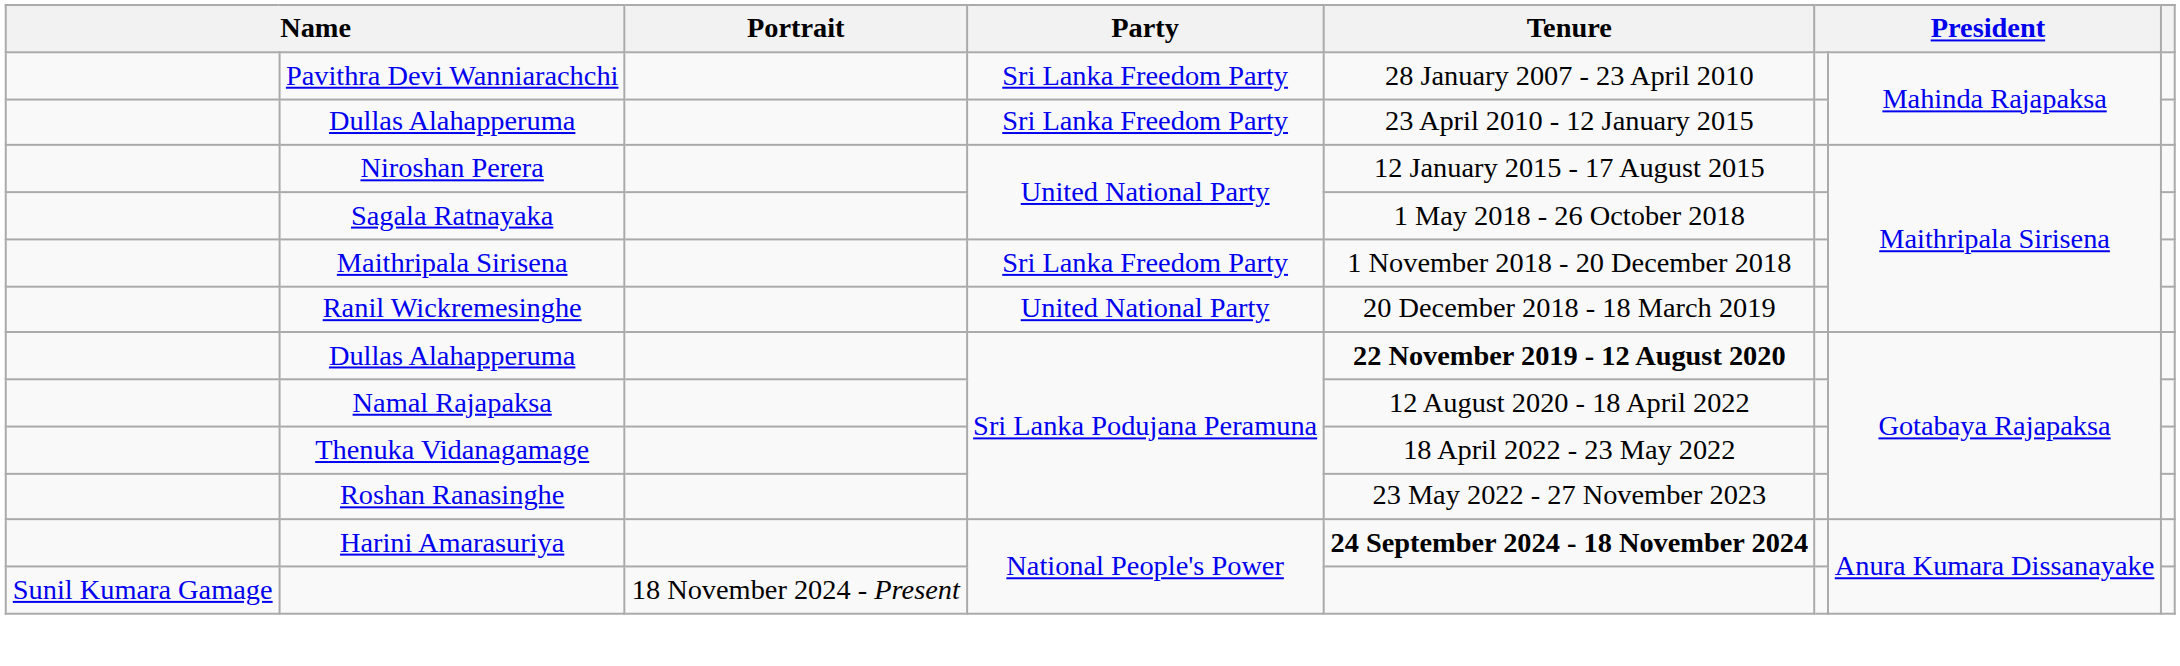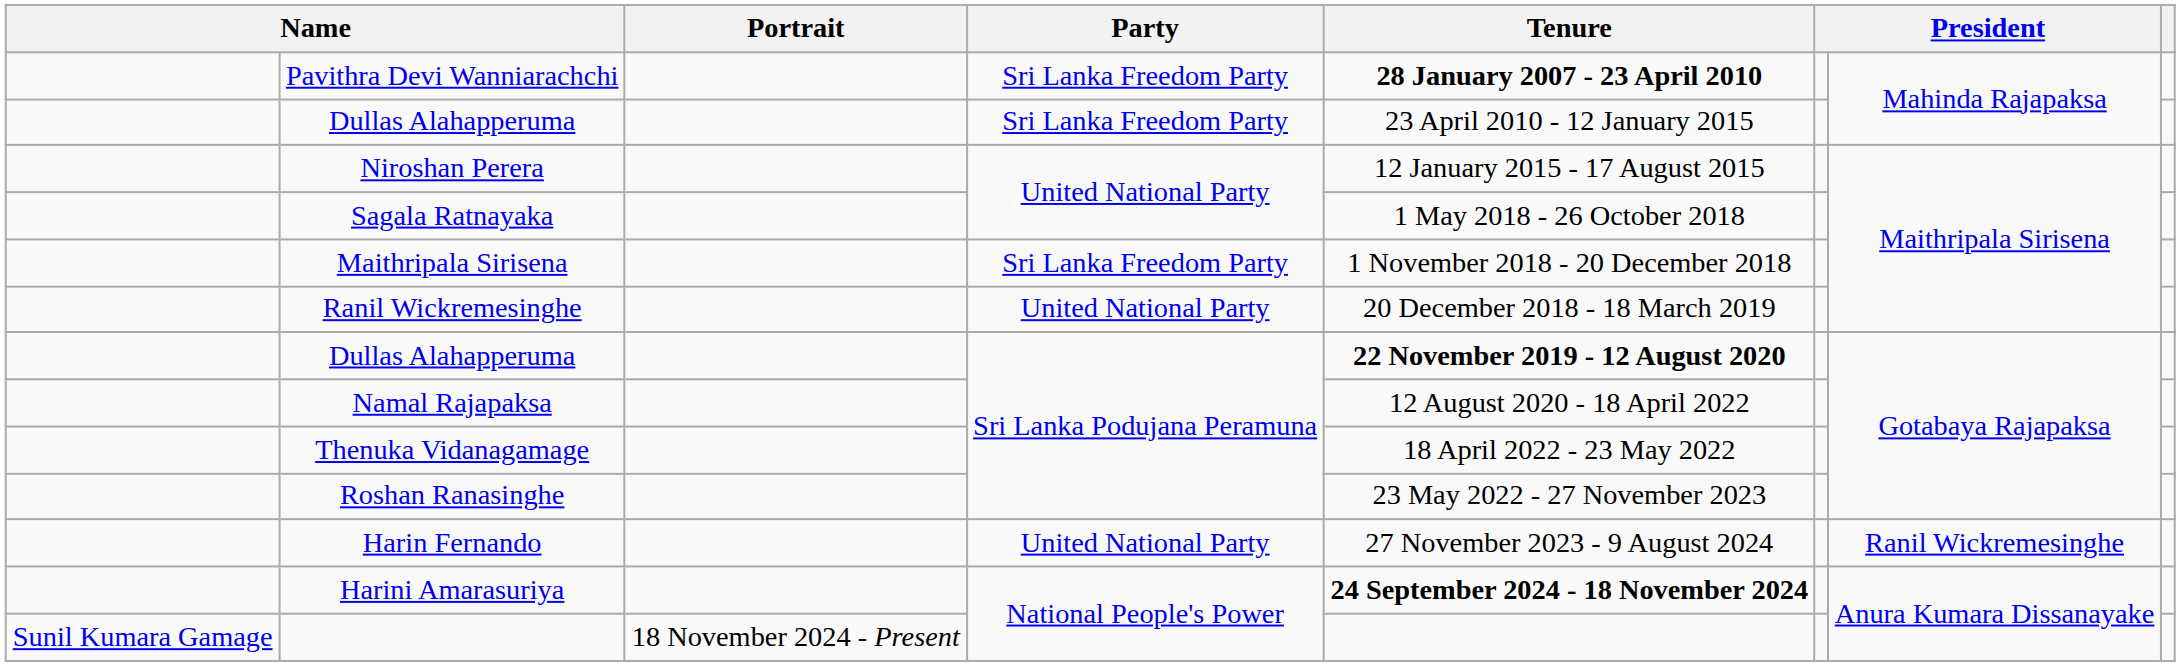 <table class="wikitable" style="font-size:90%; text-align:center; margin:auto;">
 <tr>
 <th colspan="2">Name</th>
 <th>Portrait</th>
 <th>Party</th>
 <th>Tenure</th>
 <th colspan="2"><a href='#'>President</a></th>
 <th></th>
 </tr>
 <tr>
 <td !align="centre" style="background:"></td>
 <td><a href='#'>Pavithra Devi Wanniarachchi</a></td>
 <td></td>
 <td><a href='#'>Sri Lanka Freedom Party</a></td>
-<td>28 January 2007 - 23 April 2010</td>
+<td><strong>28 January 2007 - 23 April 2010</strong></td>
 <td !align="centre" style="background:"></td>
 <td rowspan="2"><a href='#'>Mahinda Rajapaksa</a></td>
 <td></td>
 </tr>
 <tr>
 <td !align="centre" style="background:"></td>
 <td><a href='#'>Dullas Alahapperuma</a></td>
 <td></td>
 <td><a href='#'>Sri Lanka Freedom Party</a></td>
 <td>23 April 2010 - 12 January 2015</td>
 <td !align="center" style="background:"></td>
 <td></td>
 </tr>
 <tr>
 <td !align="centre" style="background:"></td>
 <td><a href='#'>Niroshan Perera</a></td>
 <td></td>
 <td rowspan="2"><a href='#'>United National Party</a></td>
 <td>12 January 2015 - 17 August 2015</td>
 <td !align="center" style="background:"></td>
 <td rowspan="4"><a href='#'>Maithripala Sirisena</a></td>
 <td></td>
 </tr>
 <tr>
 <td !align="centre" style="background:"></td>
 <td><a href='#'>Sagala Ratnayaka</a></td>
 <td></td>
 <td>1 May 2018 - 26 October 2018</td>
 <td !align="center" style="background:"></td>
 <td></td>
 </tr>
 <tr>
 <td !align="center" style="background:"></td>
 <td><a href='#'>Maithripala Sirisena</a></td>
 <td></td>
 <td><a href='#'>Sri Lanka Freedom Party</a></td>
 <td>1 November 2018 - 20 December 2018</td>
 <td !align="center" style="background:"></td>
 <td></td>
 </tr>
 <tr>
 <td !align="centre" style="background:"></td>
 <td><a href='#'>Ranil Wickremesinghe</a></td>
 <td></td>
 <td><a href='#'>United National Party</a></td>
 <td>20 December 2018 - 18 March 2019</td>
 <td !align="center" style="background:"></td>
 <td></td>
 </tr>
 <tr>
 <td !align="center" style="background:"></td>
 <td><a href='#'>Dullas Alahapperuma</a></td>
 <td></td>
 <td rowspan="4"><a href='#'>Sri Lanka Podujana Peramuna</a></td>
 <td><strong>22 November 2019 - 12 August 2020</strong></td>
 <td !align="center" style="background:"></td>
 <td rowspan="4"><a href='#'>Gotabaya Rajapaksa</a></td>
 <td></td>
 </tr>
 <tr>
 <td !align="center" style="background:"></td>
 <td><a href='#'>Namal Rajapaksa</a></td>
 <td></td>
 <td>12 August 2020 - 18 April 2022</td>
 <td !align="center" style="background:"></td>
 <td></td>
 </tr>
 <tr>
 <td !align="center" style="background:"></td>
 <td><a href='#'>Thenuka Vidanagamage</a></td>
 <td></td>
 <td>18 April 2022 - 23 May 2022</td>
 <td !align="center" style="background:"></td>
 <td></td>
 </tr>
 <tr>
 <td !align="center" style="background:"></td>
 <td><a href='#'>Roshan Ranasinghe</a></td>
 <td></td>
 <td>23 May 2022 - 27 November 2023</td>
 <td !align="center" style="background:"></td>
 <td></td>
 </tr>
 <tr>
+<td !align="center" style="background:"></td>
+<td><a href='#'>Harin Fernando</a></td>
+<td></td>
+<td><a href='#'>United National Party</a></td>
+<td>27 November 2023 - 9 August 2024</td>
+<td !align="center" style="background:"></td>
+<td><a href='#'>Ranil Wickremesinghe</a></td>
+<td></td>
+</tr>
+<tr>
 <td !align="centre" style="background:"></td>
 <td><a href='#'>Harini Amarasuriya</a></td>
 <td></td>
 <td rowspan="2"><a href='#'>National People's Power</a></td>
 <td><strong>24 September 2024 - 18 November 2024</strong></td>
 <td !align="centre" style="background:"></td>
 <td rowspan="2"><a href='#'>Anura Kumara Dissanayake</a></td>
 <td></td>
 </tr>
 <tr>
 <td><a href='#'>Sunil Kumara Gamage</a></td>
 <td></td>
 <td>18 November 2024 - <em>Present</em></td>
 <td></td>
 </tr>
 </table>
